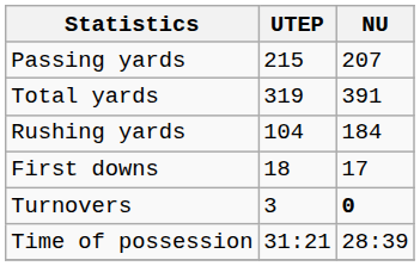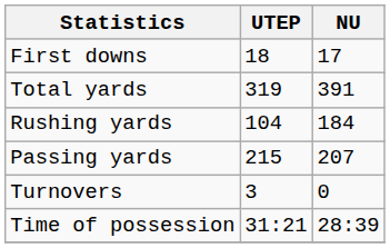 <table class="wikitable">
 <tr>
 <th>Statistics</th>
 <th>UTEP</th>
 <th>NU</th>
 </tr>
 <tr>
-<td>Passing yards</td>
-<td>215</td>
-<td>207</td>
+<td>First downs</td>
+<td>18</td>
+<td>17</td>
 </tr>
 <tr>
 <td>Total yards</td>
 <td>319</td>
 <td>391</td>
 </tr>
 <tr>
 <td>Rushing yards</td>
 <td>104</td>
 <td>184</td>
 </tr>
 <tr>
-<td>First downs</td>
-<td>18</td>
-<td>17</td>
+<td>Passing yards</td>
+<td>215</td>
+<td>207</td>
 </tr>
 <tr>
 <td>Turnovers</td>
 <td>3</td>
-<td><strong>0</strong></td>
+<td>0</td>
 </tr>
 <tr>
 <td>Time of possession</td>
 <td>31:21</td>
 <td>28:39</td>
 </tr>
 <tr>
 </tr>
 </table>
